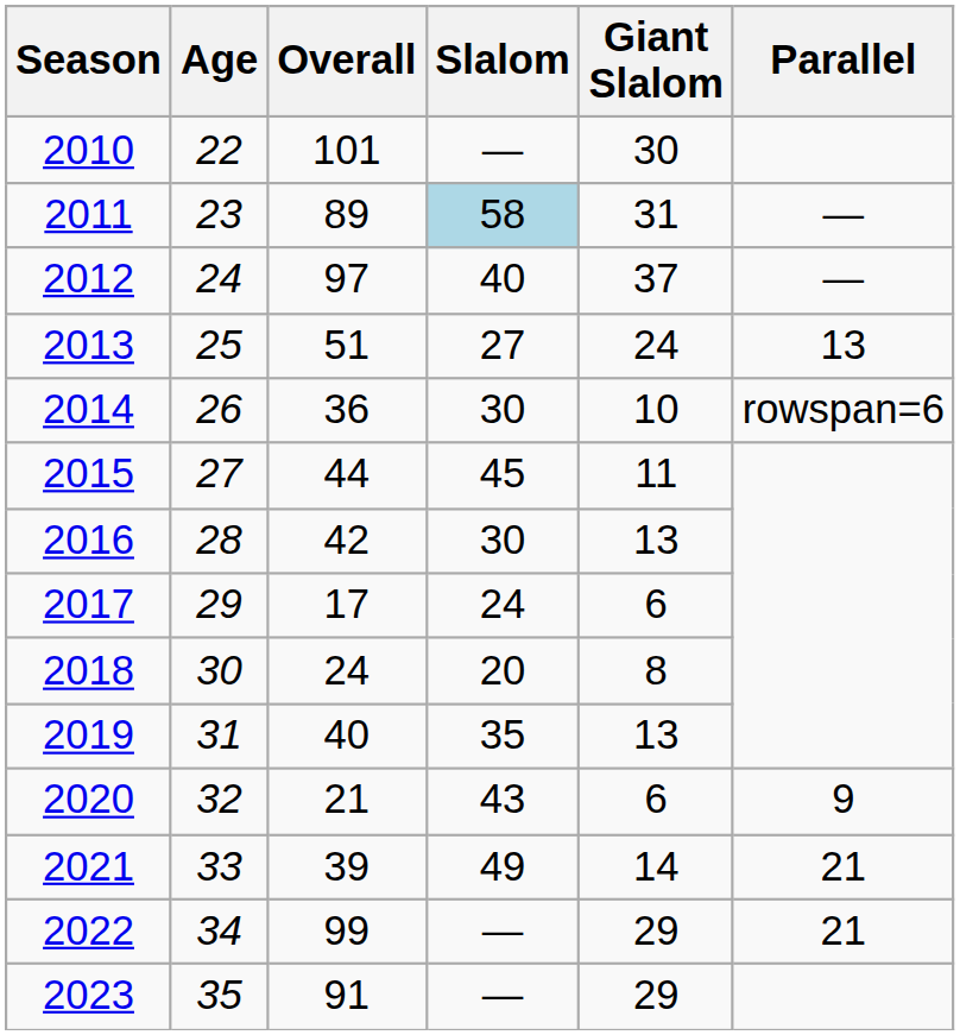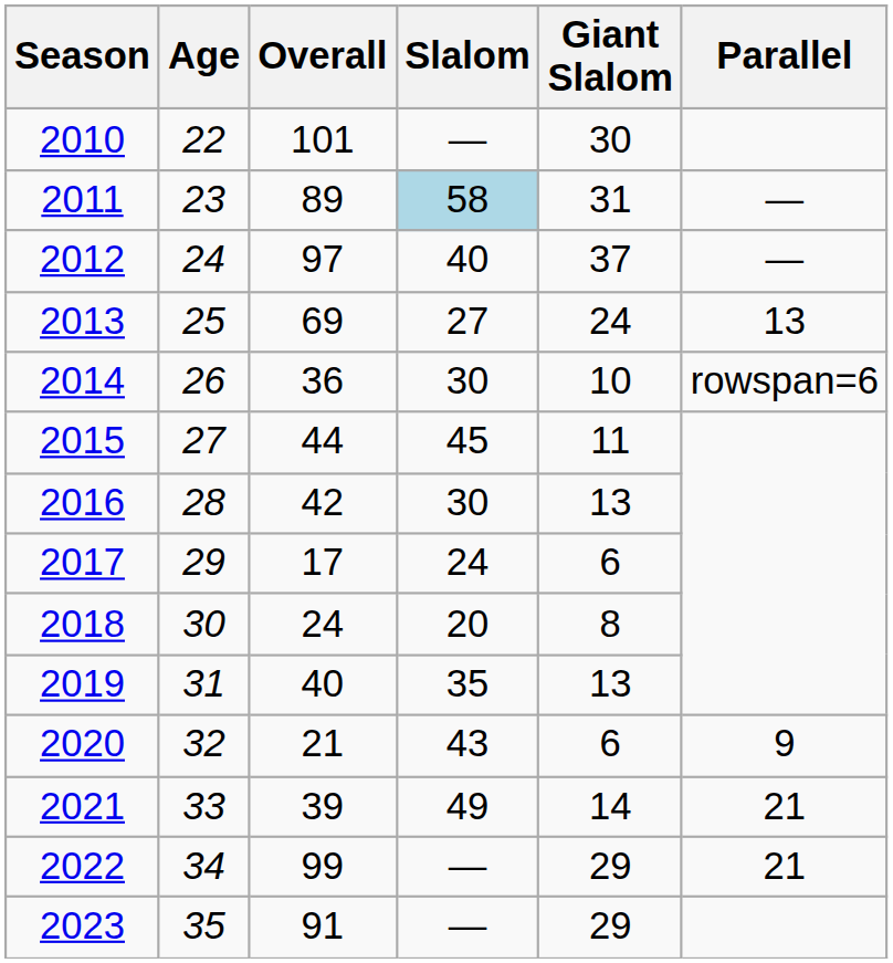 <table class=wikitable style="text-align:center">
 <tr>
 <th>Season</th>
 <th>Age</th>
 <th>Overall</th>
 <th>Slalom</th>
 <th>Giant<br>Slalom</th>
 <th>Parallel</th>
 </tr>
 <tr>
 <td><a href='#'>2010</a></td>
 <td><em>22</em></td>
 <td>101</td>
 <td>—</td>
 <td>30</td>
 <td></td>
 </tr>
 <tr>
 <td><a href='#'>2011</a></td>
 <td><em>23</em></td>
 <td>89</td>
 <td style="background: lightblue;">58</td>
 <td>31</td>
 <td>—</td>
 </tr>
 <tr>
 <td><a href='#'>2012</a></td>
 <td><em>24</em></td>
 <td>97</td>
 <td>40</td>
 <td>37</td>
 <td>—</td>
 </tr>
 <tr>
 <td><a href='#'>2013</a></td>
 <td><em>25</em></td>
-<td>51</td>
+<td>69</td>
 <td>27</td>
 <td>24</td>
 <td>13</td>
 </tr>
 <tr>
 <td><a href='#'>2014</a></td>
 <td><em>26</em></td>
 <td>36</td>
 <td>30</td>
 <td>10</td>
 <td>rowspan=6 </td>
 </tr>
 <tr>
 <td><a href='#'>2015</a></td>
 <td><em>27</em></td>
 <td>44</td>
 <td>45</td>
 <td>11</td>
 </tr>
 <tr>
 <td><a href='#'>2016</a></td>
 <td><em>28</em></td>
 <td>42</td>
 <td>30</td>
 <td>13</td>
 </tr>
 <tr>
 <td><a href='#'>2017</a></td>
 <td><em>29</em></td>
 <td>17</td>
 <td>24</td>
 <td>6</td>
 </tr>
 <tr>
 <td><a href='#'>2018</a></td>
 <td><em>30</em></td>
 <td>24</td>
 <td>20</td>
 <td>8</td>
 </tr>
 <tr>
 <td><a href='#'>2019</a></td>
 <td><em>31</em></td>
 <td>40</td>
 <td>35</td>
 <td>13</td>
 </tr>
 <tr>
 <td><a href='#'>2020</a></td>
 <td><em>32</em></td>
 <td>21</td>
 <td>43</td>
 <td>6</td>
 <td>9</td>
 </tr>
 <tr>
 <td><a href='#'>2021</a></td>
 <td><em>33</em></td>
 <td>39</td>
 <td>49</td>
 <td>14</td>
 <td>21</td>
 </tr>
 <tr>
 <td><a href='#'>2022</a></td>
 <td><em>34</em></td>
 <td>99</td>
 <td>—</td>
 <td>29</td>
 <td>21</td>
 </tr>
 <tr>
 <td><a href='#'>2023</a></td>
 <td><em>35</em></td>
 <td>91</td>
 <td>—</td>
 <td>29</td>
 <td></td>
 </tr>
 </table>
